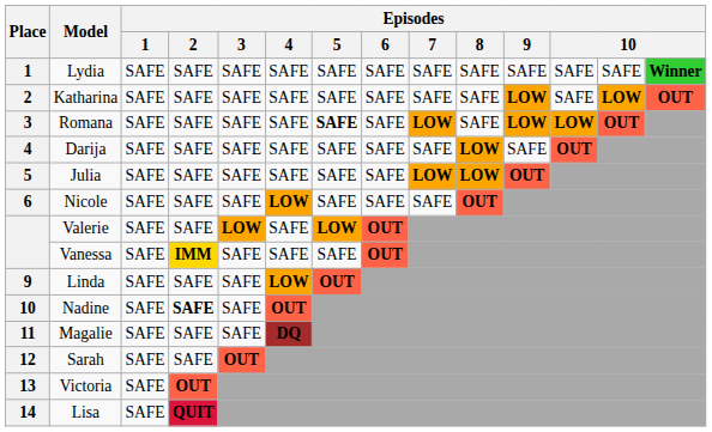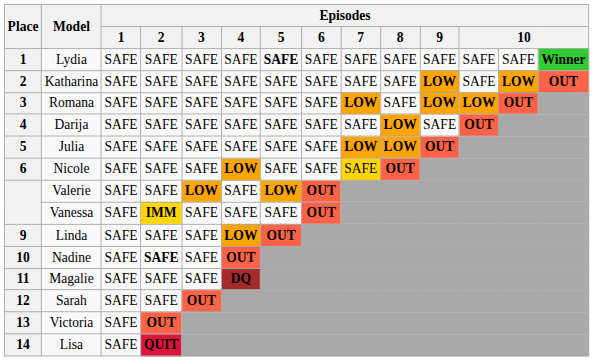 <table class="wikitable" style="text-align:center; font-size:92%">
 <tr>
 <th rowspan="2">Place</th>
 <th rowspan="2">Model</th>
 <th colspan="12">Episodes</th>
 </tr>
 <tr>
 <th>1</th>
 <th>2</th>
 <th>3</th>
 <th>4</th>
 <th>5</th>
 <th>6</th>
 <th>7</th>
 <th>8</th>
 <th>9</th>
 <th colspan="3">10</th>
 </tr>
 <tr>
 <th>1</th>
 <td>Lydia</td>
 <td>SAFE</td>
 <td>SAFE</td>
 <td>SAFE</td>
 <td>SAFE</td>
-<td>SAFE</td>
+<td><strong>SAFE</strong></td>
 <td>SAFE</td>
 <td>SAFE</td>
 <td>SAFE</td>
 <td>SAFE</td>
 <td>SAFE</td>
 <td>SAFE</td>
 <td style="background:limegreen"><strong>Winner</strong></td>
 </tr>
 <tr>
 <th>2</th>
 <td>Katharina</td>
 <td>SAFE</td>
 <td>SAFE</td>
 <td>SAFE</td>
 <td>SAFE</td>
 <td>SAFE</td>
 <td>SAFE</td>
 <td>SAFE</td>
 <td>SAFE</td>
 <td style="background:orange"><strong>LOW</strong></td>
 <td>SAFE</td>
 <td style="background:orange"><strong>LOW</strong></td>
 <td style="background:tomato"><strong>OUT</strong></td>
 </tr>
 <tr>
 <th>3</th>
 <td>Romana</td>
 <td>SAFE</td>
 <td>SAFE</td>
 <td>SAFE</td>
 <td>SAFE</td>
-<td><strong>SAFE</strong></td>
+<td>SAFE</td>
 <td>SAFE</td>
 <td style="background:orange"><strong>LOW</strong></td>
 <td>SAFE</td>
 <td style="background:orange"><strong>LOW</strong></td>
 <td style="background:orange"><strong>LOW</strong></td>
 <td style="background:tomato"><strong>OUT</strong></td>
 <td style="background:darkgray"></td>
 </tr>
 <tr>
 <th>4</th>
 <td>Darija</td>
 <td>SAFE</td>
 <td>SAFE</td>
 <td>SAFE</td>
 <td>SAFE</td>
 <td>SAFE</td>
 <td>SAFE</td>
 <td>SAFE</td>
 <td style="background:orange"><strong>LOW</strong></td>
 <td>SAFE</td>
 <td style="background:tomato"><strong>OUT</strong></td>
 <td colspan=10 style="background:darkgray"></td>
 </tr>
 <tr>
 <th>5</th>
 <td>Julia</td>
 <td>SAFE</td>
 <td>SAFE</td>
 <td>SAFE</td>
 <td>SAFE</td>
 <td>SAFE</td>
 <td>SAFE</td>
 <td style="background:orange"><strong>LOW</strong></td>
 <td style="background:orange"><strong>LOW</strong></td>
 <td style="background:tomato"><strong>OUT</strong></td>
 <td colspan=10 style="background:darkgray"></td>
 </tr>
 <tr>
 <th>6</th>
 <td>Nicole</td>
 <td>SAFE</td>
 <td>SAFE</td>
 <td>SAFE</td>
 <td style="background:orange"><strong>LOW</strong></td>
 <td>SAFE</td>
 <td>SAFE</td>
-<td>SAFE</td>
+<td style="background: gold;">SAFE</td>
 <td style="background:tomato"><strong>OUT</strong></td>
 <td colspan=10 style="background:darkgray"></td>
 </tr>
 <tr>
 <th rowspan="2"></th>
 <td>Valerie</td>
 <td>SAFE</td>
 <td>SAFE</td>
 <td style="background:orange"><strong>LOW</strong></td>
 <td>SAFE</td>
 <td style="background:orange"><strong>LOW</strong></td>
 <td style="background:tomato"><strong>OUT</strong></td>
 <td colspan=10 style="background:darkgray"></td>
 </tr>
 <tr>
 <td>Vanessa</td>
 <td>SAFE</td>
 <td style="background:gold"><strong>IMM</strong></td>
 <td>SAFE</td>
 <td>SAFE</td>
 <td>SAFE</td>
 <td style="background:tomato"><strong>OUT</strong></td>
 <td colspan=10 style="background:darkgray"></td>
 </tr>
 <tr>
 <th>9</th>
 <td>Linda</td>
 <td>SAFE</td>
 <td>SAFE</td>
 <td>SAFE</td>
 <td style="background:orange"><strong>LOW</strong></td>
 <td style="background:tomato"><strong>OUT</strong></td>
 <td colspan=10 style="background:darkgray"></td>
 </tr>
 <tr>
 <th>10</th>
 <td>Nadine</td>
 <td>SAFE</td>
 <td><strong>SAFE</strong></td>
 <td>SAFE</td>
 <td style="background:tomato"><strong>OUT</strong></td>
 <td colspan=10 style="background:darkgray"></td>
 </tr>
 <tr>
 <th>11</th>
 <td>Magalie</td>
 <td>SAFE</td>
 <td>SAFE</td>
 <td>SAFE</td>
 <td style="background:brown;"><span><strong>DQ</strong></span></td>
 <td colspan=10 style="background:darkgray"></td>
 </tr>
 <tr>
 <th>12</th>
 <td>Sarah</td>
 <td>SAFE</td>
 <td>SAFE</td>
 <td style="background:tomato"><strong>OUT</strong></td>
 <td colspan=10 style="background:darkgray"></td>
 </tr>
 <tr>
 <th>13</th>
 <td>Victoria</td>
 <td>SAFE</td>
 <td style="background:tomato"><strong>OUT</strong></td>
 <td colspan=10 style="background:darkgray"></td>
 </tr>
 <tr>
 <th>14</th>
 <td>Lisa</td>
 <td>SAFE</td>
 <td style="background:crimson;"><span><strong>QUIT</strong></span></td>
 <td colspan=10 style="background:darkgray"></td>
 </tr>
 </table>
